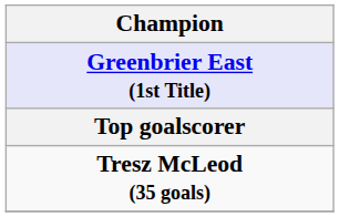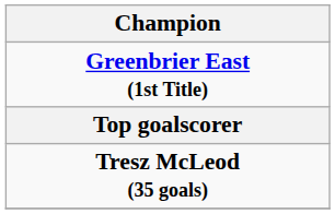 <table class="wikitable" style="margin: 0 auto; width: 220px;">
 <tr>
 <th>Champion</th>
 </tr>
 <tr>
-<td align="center" style="background: lavender;"><strong><a href='#'>Greenbrier East</a></strong><br><small><strong>(1st Title)</strong></small></td>
+<td align="center"><strong><a href='#'>Greenbrier East</a></strong><br><small><strong>(1st Title)</strong></small></td>
 </tr>
 <tr>
 <th>Top goalscorer</th>
 </tr>
 <tr>
 <td align="center"><strong>Tresz McLeod</strong><br><small><strong>(35 goals)</strong></small></td>
 </tr>
 <tr>
 </tr>
 </table>
